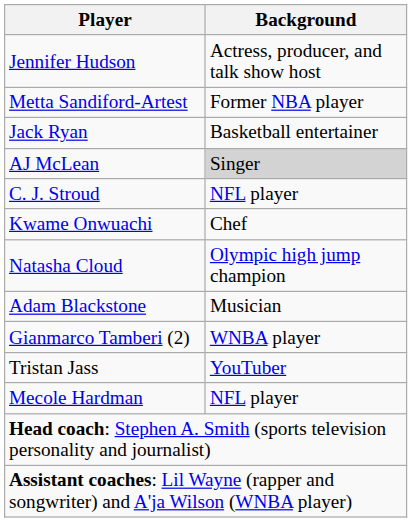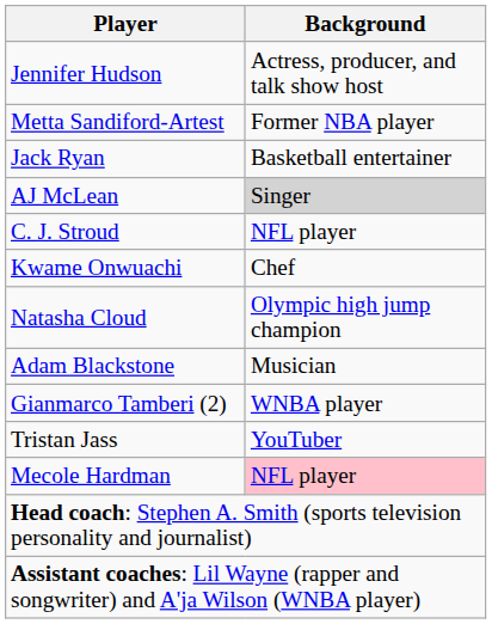 <table class="wikitable">
 <tr>
 <th width=160>Player</th>
 <th width=160>Background</th>
 </tr>
 <tr>
 <td><a href='#'>Jennifer Hudson</a></td>
 <td>Actress, producer, and talk show host</td>
 </tr>
 <tr>
 <td><a href='#'>Metta Sandiford-Artest</a></td>
 <td>Former <a href='#'>NBA</a> player</td>
 </tr>
 <tr>
 <td><a href='#'>Jack Ryan</a></td>
 <td>Basketball entertainer</td>
 </tr>
 <tr>
 <td><a href='#'>AJ McLean</a></td>
 <td style="background: lightgrey;">Singer</td>
 </tr>
 <tr>
 <td><a href='#'>C. J. Stroud</a></td>
 <td><a href='#'>NFL</a> player</td>
 </tr>
 <tr>
 <td><a href='#'>Kwame Onwuachi</a></td>
 <td>Chef</td>
 </tr>
 <tr>
 <td><a href='#'>Natasha Cloud</a></td>
 <td><a href='#'>Olympic high jump</a> champion</td>
 </tr>
 <tr>
 <td><a href='#'>Adam Blackstone</a></td>
 <td>Musician</td>
 </tr>
 <tr>
 <td><a href='#'>Gianmarco Tamberi</a> (2)</td>
 <td><a href='#'>WNBA</a> player</td>
 </tr>
 <tr>
 <td>Tristan Jass</td>
 <td><a href='#'>YouTuber</a></td>
 </tr>
 <tr>
 <td><a href='#'>Mecole Hardman</a></td>
-<td><a href='#'>NFL</a> player</td>
+<td style="background: pink;"><a href='#'>NFL</a> player</td>
 </tr>
 <tr>
 <td colspan="3"><strong>Head coach</strong>: <a href='#'>Stephen A. Smith</a> (sports television personality and journalist)</td>
 </tr>
 <tr>
 <td colspan="3"><strong>Assistant coaches</strong>: <a href='#'>Lil Wayne</a> (rapper and songwriter) and <a href='#'>A'ja Wilson</a> (<a href='#'>WNBA</a> player)</td>
 </tr>
 </table>
